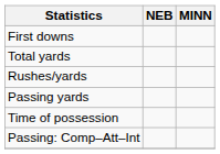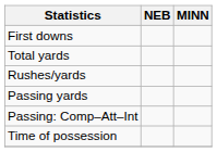 <table class="wikitable" style="float: left;">
 <tr>
 <th>Statistics</th>
 <th>NEB</th>
 <th>MINN</th>
 </tr>
 <tr>
 <td>First downs</td>
 <td></td>
 <td></td>
 </tr>
 <tr>
 <td>Total yards</td>
 <td></td>
 <td></td>
 </tr>
 <tr>
 <td>Rushes/yards</td>
 <td></td>
 <td></td>
 </tr>
 <tr>
 <td>Passing yards</td>
 <td></td>
 <td></td>
 </tr>
 <tr>
-<td>Time of possession</td>
+<td>Passing: Comp–Att–Int</td>
 <td></td>
 <td></td>
 </tr>
 <tr>
-<td>Passing: Comp–Att–Int</td>
+<td>Time of possession</td>
 <td></td>
 <td></td>
 </tr>
 <tr>
 </tr>
 </table>
